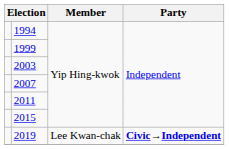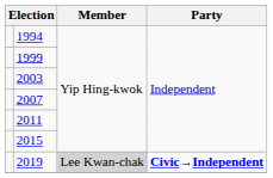 <table class="wikitable">
 <tr>
 <th colspan="2">Election</th>
 <th>Member</th>
 <th>Party</th>
 </tr>
 <tr>
 <td style="background-color: "></td>
 <td><a href='#'>1994</a></td>
 <td rowspan=6>Yip Hing-kwok</td>
 <td rowspan=6><a href='#'>Independent</a></td>
 </tr>
 <tr>
 <td style="background-color: "></td>
 <td><a href='#'>1999</a></td>
 </tr>
 <tr>
 <td style="background-color: "></td>
 <td><a href='#'>2003</a></td>
 </tr>
 <tr>
 <td style="background-color: "></td>
 <td><a href='#'>2007</a></td>
 </tr>
 <tr>
 <td style="background-color: "></td>
 <td><a href='#'>2011</a></td>
 </tr>
 <tr>
 <td style="background-color: "></td>
 <td><a href='#'>2015</a></td>
 </tr>
 <tr>
 <td style="background-color: "></td>
 <td><a href='#'>2019</a></td>
-<td>Lee Kwan-chak</td>
+<td style="background: lightgrey;">Lee Kwan-chak</td>
 <td><strong><a href='#'>Civic</a>→<a href='#'>Independent</a></strong></td>
 </tr>
 <tr>
 </tr>
 </table>
